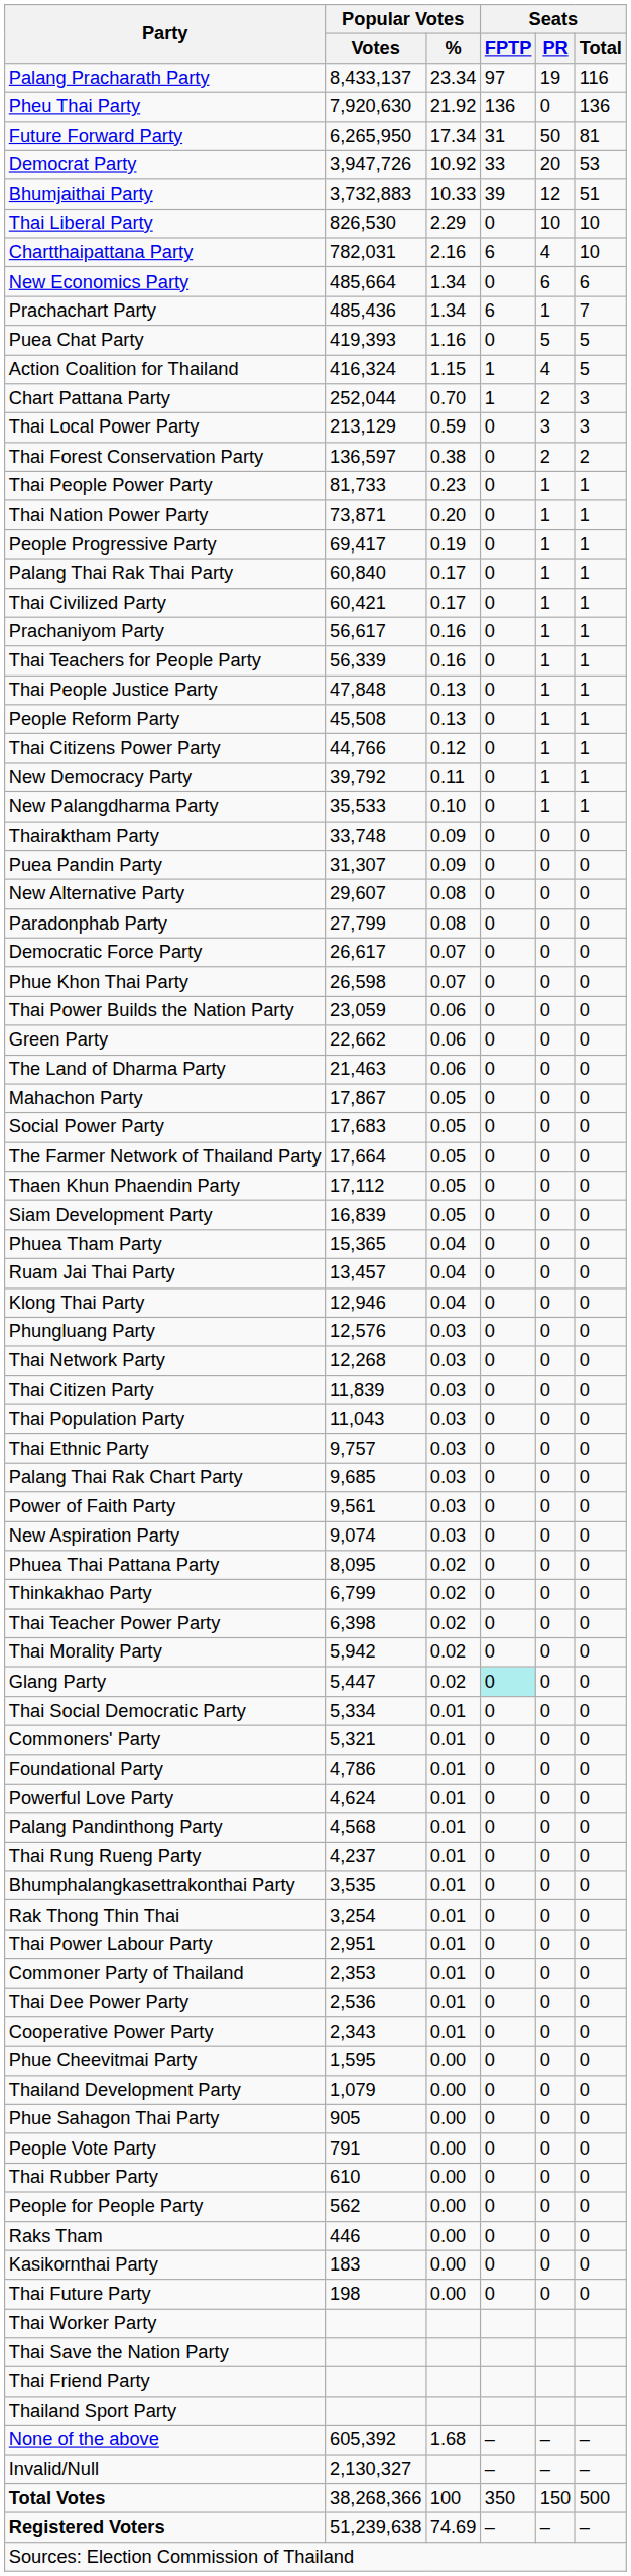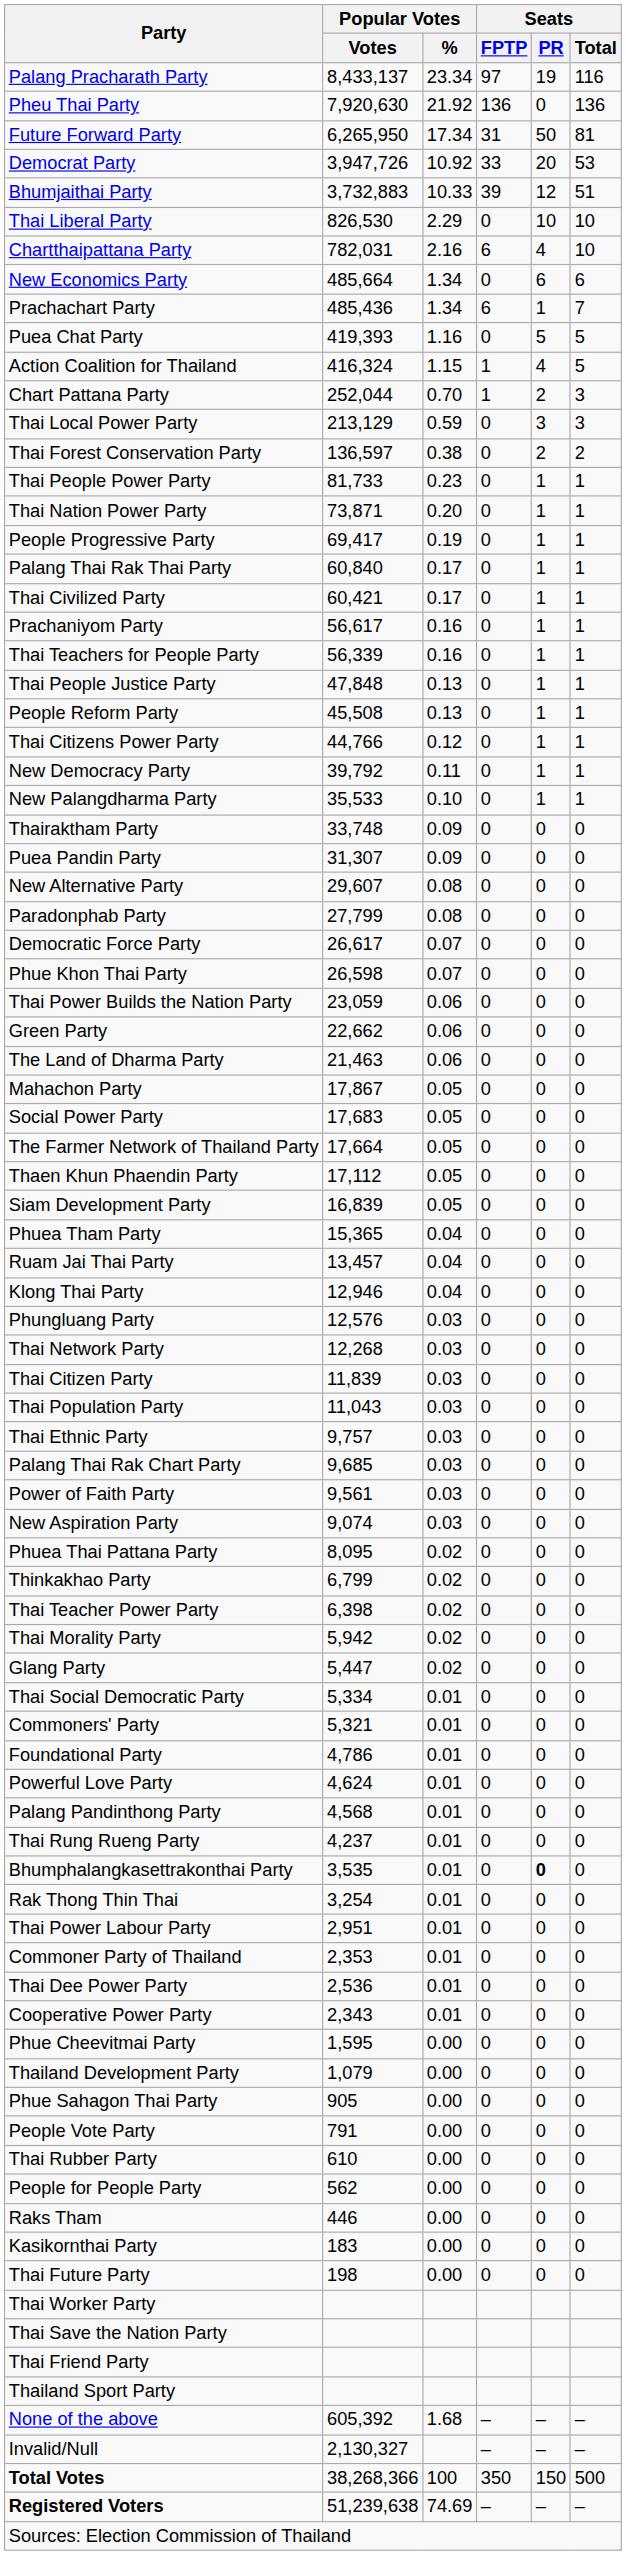 <table class="wikitable">
 <tr>
 <th rowspan="2">Party</th>
 <th colspan="2">Popular Votes</th>
 <th colspan="3">Seats</th>
 </tr>
 <tr>
 <th>Votes</th>
 <th>%</th>
 <th><a href='#'>FPTP</a></th>
 <th><a href='#'>PR</a></th>
 <th>Total</th>
 </tr>
 <tr>
 <td><a href='#'>Palang Pracharath Party</a></td>
 <td>8,433,137</td>
 <td>23.34</td>
 <td>97</td>
 <td>19</td>
 <td>116</td>
 </tr>
 <tr>
 <td><a href='#'>Pheu Thai Party</a></td>
 <td>7,920,630</td>
 <td>21.92</td>
 <td>136</td>
 <td>0</td>
 <td>136</td>
 </tr>
 <tr>
 <td><a href='#'>Future Forward Party</a></td>
 <td>6,265,950</td>
 <td>17.34</td>
 <td>31</td>
 <td>50</td>
 <td>81</td>
 </tr>
 <tr>
 <td><a href='#'>Democrat Party</a></td>
 <td>3,947,726</td>
 <td>10.92</td>
 <td>33</td>
 <td>20</td>
 <td>53</td>
 </tr>
 <tr>
 <td><a href='#'>Bhumjaithai Party</a></td>
 <td>3,732,883</td>
 <td>10.33</td>
 <td>39</td>
 <td>12</td>
 <td>51</td>
 </tr>
 <tr>
 <td><a href='#'>Thai Liberal Party</a></td>
 <td>826,530</td>
 <td>2.29</td>
 <td>0</td>
 <td>10</td>
 <td>10</td>
 </tr>
 <tr>
 <td><a href='#'>Chartthaipattana Party</a></td>
 <td>782,031</td>
 <td>2.16</td>
 <td>6</td>
 <td>4</td>
 <td>10</td>
 </tr>
 <tr>
 <td><a href='#'>New Economics Party</a></td>
 <td>485,664</td>
 <td>1.34</td>
 <td>0</td>
 <td>6</td>
 <td>6</td>
 </tr>
 <tr>
 <td>Prachachart Party</td>
 <td>485,436</td>
 <td>1.34</td>
 <td>6</td>
 <td>1</td>
 <td>7</td>
 </tr>
 <tr>
 <td>Puea Chat Party</td>
 <td>419,393</td>
 <td>1.16</td>
 <td>0</td>
 <td>5</td>
 <td>5</td>
 </tr>
 <tr>
 <td>Action Coalition for Thailand</td>
 <td>416,324</td>
 <td>1.15</td>
 <td>1</td>
 <td>4</td>
 <td>5</td>
 </tr>
 <tr>
 <td>Chart Pattana Party</td>
 <td>252,044</td>
 <td>0.70</td>
 <td>1</td>
 <td>2</td>
 <td>3</td>
 </tr>
 <tr>
 <td>Thai Local Power Party</td>
 <td>213,129</td>
 <td>0.59</td>
 <td>0</td>
 <td>3</td>
 <td>3</td>
 </tr>
 <tr>
 <td>Thai Forest Conservation Party</td>
 <td>136,597</td>
 <td>0.38</td>
 <td>0</td>
 <td>2</td>
 <td>2</td>
 </tr>
 <tr>
 <td>Thai People Power Party</td>
 <td>81,733</td>
 <td>0.23</td>
 <td>0</td>
 <td>1</td>
 <td>1</td>
 </tr>
 <tr>
 <td>Thai Nation Power Party</td>
 <td>73,871</td>
 <td>0.20</td>
 <td>0</td>
 <td>1</td>
 <td>1</td>
 </tr>
 <tr>
 <td>People Progressive Party</td>
 <td>69,417</td>
 <td>0.19</td>
 <td>0</td>
 <td>1</td>
 <td>1</td>
 </tr>
 <tr>
 <td>Palang Thai Rak Thai Party</td>
 <td>60,840</td>
 <td>0.17</td>
 <td>0</td>
 <td>1</td>
 <td>1</td>
 </tr>
 <tr>
 <td>Thai Civilized Party</td>
 <td>60,421</td>
 <td>0.17</td>
 <td>0</td>
 <td>1</td>
 <td>1</td>
 </tr>
 <tr>
 <td>Prachaniyom Party</td>
 <td>56,617</td>
 <td>0.16</td>
 <td>0</td>
 <td>1</td>
 <td>1</td>
 </tr>
 <tr>
 <td>Thai Teachers for People Party</td>
 <td>56,339</td>
 <td>0.16</td>
 <td>0</td>
 <td>1</td>
 <td>1</td>
 </tr>
 <tr>
 <td>Thai People Justice Party</td>
 <td>47,848</td>
 <td>0.13</td>
 <td>0</td>
 <td>1</td>
 <td>1</td>
 </tr>
 <tr>
 <td>People Reform Party</td>
 <td>45,508</td>
 <td>0.13</td>
 <td>0</td>
 <td>1</td>
 <td>1</td>
 </tr>
 <tr>
 <td>Thai Citizens Power Party</td>
 <td>44,766</td>
 <td>0.12</td>
 <td>0</td>
 <td>1</td>
 <td>1</td>
 </tr>
 <tr>
 <td>New Democracy Party</td>
 <td>39,792</td>
 <td>0.11</td>
 <td>0</td>
 <td>1</td>
 <td>1</td>
 </tr>
 <tr>
 <td>New Palangdharma Party</td>
 <td>35,533</td>
 <td>0.10</td>
 <td>0</td>
 <td>1</td>
 <td>1</td>
 </tr>
 <tr>
 <td>Thairaktham Party</td>
 <td>33,748</td>
 <td>0.09</td>
 <td>0</td>
 <td>0</td>
 <td>0</td>
 </tr>
 <tr>
 <td>Puea Pandin Party</td>
 <td>31,307</td>
 <td>0.09</td>
 <td>0</td>
 <td>0</td>
 <td>0</td>
 </tr>
 <tr>
 <td>New Alternative Party</td>
 <td>29,607</td>
 <td>0.08</td>
 <td>0</td>
 <td>0</td>
 <td>0</td>
 </tr>
 <tr>
 <td>Paradonphab Party</td>
 <td>27,799</td>
 <td>0.08</td>
 <td>0</td>
 <td>0</td>
 <td>0</td>
 </tr>
 <tr>
 <td>Democratic Force Party</td>
 <td>26,617</td>
 <td>0.07</td>
 <td>0</td>
 <td>0</td>
 <td>0</td>
 </tr>
 <tr>
 <td>Phue Khon Thai Party</td>
 <td>26,598</td>
 <td>0.07</td>
 <td>0</td>
 <td>0</td>
 <td>0</td>
 </tr>
 <tr>
 <td>Thai Power Builds the Nation Party</td>
 <td>23,059</td>
 <td>0.06</td>
 <td>0</td>
 <td>0</td>
 <td>0</td>
 </tr>
 <tr>
 <td>Green Party</td>
 <td>22,662</td>
 <td>0.06</td>
 <td>0</td>
 <td>0</td>
 <td>0</td>
 </tr>
 <tr>
 <td>The Land of Dharma Party</td>
 <td>21,463</td>
 <td>0.06</td>
 <td>0</td>
 <td>0</td>
 <td>0</td>
 </tr>
 <tr>
 <td>Mahachon Party</td>
 <td>17,867</td>
 <td>0.05</td>
 <td>0</td>
 <td>0</td>
 <td>0</td>
 </tr>
 <tr>
 <td>Social Power Party</td>
 <td>17,683</td>
 <td>0.05</td>
 <td>0</td>
 <td>0</td>
 <td>0</td>
 </tr>
 <tr>
 <td>The Farmer Network of Thailand Party</td>
 <td>17,664</td>
 <td>0.05</td>
 <td>0</td>
 <td>0</td>
 <td>0</td>
 </tr>
 <tr>
 <td>Thaen Khun Phaendin Party</td>
 <td>17,112</td>
 <td>0.05</td>
 <td>0</td>
 <td>0</td>
 <td>0</td>
 </tr>
 <tr>
 <td>Siam Development Party</td>
 <td>16,839</td>
 <td>0.05</td>
 <td>0</td>
 <td>0</td>
 <td>0</td>
 </tr>
 <tr>
 <td>Phuea Tham Party</td>
 <td>15,365</td>
 <td>0.04</td>
 <td>0</td>
 <td>0</td>
 <td>0</td>
 </tr>
 <tr>
 <td>Ruam Jai Thai Party</td>
 <td>13,457</td>
 <td>0.04</td>
 <td>0</td>
 <td>0</td>
 <td>0</td>
 </tr>
 <tr>
 <td>Klong Thai Party</td>
 <td>12,946</td>
 <td>0.04</td>
 <td>0</td>
 <td>0</td>
 <td>0</td>
 </tr>
 <tr>
 <td>Phungluang Party</td>
 <td>12,576</td>
 <td>0.03</td>
 <td>0</td>
 <td>0</td>
 <td>0</td>
 </tr>
 <tr>
 <td>Thai Network Party</td>
 <td>12,268</td>
 <td>0.03</td>
 <td>0</td>
 <td>0</td>
 <td>0</td>
 </tr>
 <tr>
 <td>Thai Citizen Party</td>
 <td>11,839</td>
 <td>0.03</td>
 <td>0</td>
 <td>0</td>
 <td>0</td>
 </tr>
 <tr>
 <td>Thai Population Party</td>
 <td>11,043</td>
 <td>0.03</td>
 <td>0</td>
 <td>0</td>
 <td>0</td>
 </tr>
 <tr>
 <td>Thai Ethnic Party</td>
 <td>9,757</td>
 <td>0.03</td>
 <td>0</td>
 <td>0</td>
 <td>0</td>
 </tr>
 <tr>
 <td>Palang Thai Rak Chart Party</td>
 <td>9,685</td>
 <td>0.03</td>
 <td>0</td>
 <td>0</td>
 <td>0</td>
 </tr>
 <tr>
 <td>Power of Faith Party</td>
 <td>9,561</td>
 <td>0.03</td>
 <td>0</td>
 <td>0</td>
 <td>0</td>
 </tr>
 <tr>
 <td>New Aspiration Party</td>
 <td>9,074</td>
 <td>0.03</td>
 <td>0</td>
 <td>0</td>
 <td>0</td>
 </tr>
 <tr>
 <td>Phuea Thai Pattana Party</td>
 <td>8,095</td>
 <td>0.02</td>
 <td>0</td>
 <td>0</td>
 <td>0</td>
 </tr>
 <tr>
 <td>Thinkakhao Party</td>
 <td>6,799</td>
 <td>0.02</td>
 <td>0</td>
 <td>0</td>
 <td>0</td>
 </tr>
 <tr>
 <td>Thai Teacher Power Party</td>
 <td>6,398</td>
 <td>0.02</td>
 <td>0</td>
 <td>0</td>
 <td>0</td>
 </tr>
 <tr>
 <td>Thai Morality Party</td>
 <td>5,942</td>
 <td>0.02</td>
 <td>0</td>
 <td>0</td>
 <td>0</td>
 </tr>
 <tr>
 <td>Glang Party</td>
 <td>5,447</td>
 <td>0.02</td>
-<td style="background: paleturquoise;">0</td>
+<td>0</td>
 <td>0</td>
 <td>0</td>
 </tr>
 <tr>
 <td>Thai Social Democratic Party</td>
 <td>5,334</td>
 <td>0.01</td>
 <td>0</td>
 <td>0</td>
 <td>0</td>
 </tr>
 <tr>
 <td>Commoners' Party</td>
 <td>5,321</td>
 <td>0.01</td>
 <td>0</td>
 <td>0</td>
 <td>0</td>
 </tr>
 <tr>
 <td>Foundational Party</td>
 <td>4,786</td>
 <td>0.01</td>
 <td>0</td>
 <td>0</td>
 <td>0</td>
 </tr>
 <tr>
 <td>Powerful Love Party</td>
 <td>4,624</td>
 <td>0.01</td>
 <td>0</td>
 <td>0</td>
 <td>0</td>
 </tr>
 <tr>
 <td>Palang Pandinthong Party</td>
 <td>4,568</td>
 <td>0.01</td>
 <td>0</td>
 <td>0</td>
 <td>0</td>
 </tr>
 <tr>
 <td>Thai Rung Rueng Party</td>
 <td>4,237</td>
 <td>0.01</td>
 <td>0</td>
 <td>0</td>
 <td>0</td>
 </tr>
 <tr>
 <td>Bhumphalangkasettrakonthai Party</td>
 <td>3,535</td>
 <td>0.01</td>
 <td>0</td>
-<td>0</td>
+<td><strong>0</strong></td>
 <td>0</td>
 </tr>
 <tr>
 <td>Rak Thong Thin Thai</td>
 <td>3,254</td>
 <td>0.01</td>
 <td>0</td>
 <td>0</td>
 <td>0</td>
 </tr>
 <tr>
 <td>Thai Power Labour Party</td>
 <td>2,951</td>
 <td>0.01</td>
 <td>0</td>
 <td>0</td>
 <td>0</td>
 </tr>
 <tr>
 <td>Commoner Party of Thailand</td>
 <td>2,353</td>
 <td>0.01</td>
 <td>0</td>
 <td>0</td>
 <td>0</td>
 </tr>
 <tr>
 <td>Thai Dee Power Party</td>
 <td>2,536</td>
 <td>0.01</td>
 <td>0</td>
 <td>0</td>
 <td>0</td>
 </tr>
 <tr>
 <td>Cooperative Power Party</td>
 <td>2,343</td>
 <td>0.01</td>
 <td>0</td>
 <td>0</td>
 <td>0</td>
 </tr>
 <tr>
 <td>Phue Cheevitmai Party</td>
 <td>1,595</td>
 <td>0.00</td>
 <td>0</td>
 <td>0</td>
 <td>0</td>
 </tr>
 <tr>
 <td>Thailand Development Party</td>
 <td>1,079</td>
 <td>0.00</td>
 <td>0</td>
 <td>0</td>
 <td>0</td>
 </tr>
 <tr>
 <td>Phue Sahagon Thai Party</td>
 <td>905</td>
 <td>0.00</td>
 <td>0</td>
 <td>0</td>
 <td>0</td>
 </tr>
 <tr>
 <td>People Vote Party</td>
 <td>791</td>
 <td>0.00</td>
 <td>0</td>
 <td>0</td>
 <td>0</td>
 </tr>
 <tr>
 <td>Thai Rubber Party</td>
 <td>610</td>
 <td>0.00</td>
 <td>0</td>
 <td>0</td>
 <td>0</td>
 </tr>
 <tr>
 <td>People for People Party</td>
 <td>562</td>
 <td>0.00</td>
 <td>0</td>
 <td>0</td>
 <td>0</td>
 </tr>
 <tr>
 <td>Raks Tham</td>
 <td>446</td>
 <td>0.00</td>
 <td>0</td>
 <td>0</td>
 <td>0</td>
 </tr>
 <tr>
 <td>Kasikornthai Party</td>
 <td>183</td>
 <td>0.00</td>
 <td>0</td>
 <td>0</td>
 <td>0</td>
 </tr>
 <tr>
 <td>Thai Future Party</td>
 <td>198</td>
 <td>0.00</td>
 <td>0</td>
 <td>0</td>
 <td>0</td>
 </tr>
 <tr>
 <td>Thai Worker Party</td>
 <td></td>
 <td></td>
 <td></td>
 <td></td>
 <td></td>
 </tr>
 <tr>
 <td>Thai Save the Nation Party</td>
 <td></td>
 <td></td>
 <td></td>
 <td></td>
 <td></td>
 </tr>
 <tr>
 <td>Thai Friend Party</td>
 <td></td>
 <td></td>
 <td></td>
 <td></td>
 <td></td>
 </tr>
 <tr>
 <td>Thailand Sport Party</td>
 <td></td>
 <td></td>
 <td></td>
 <td></td>
 <td></td>
 </tr>
 <tr>
 <td><a href='#'>None of the above</a></td>
 <td>605,392</td>
 <td>1.68</td>
 <td>–</td>
 <td>–</td>
 <td>–</td>
 </tr>
 <tr>
 <td>Invalid/Null</td>
 <td>2,130,327</td>
 <td></td>
 <td>–</td>
 <td>–</td>
 <td>–</td>
 </tr>
 <tr>
 <td><strong>Total Votes</strong></td>
 <td>38,268,366</td>
 <td>100</td>
 <td>350</td>
 <td>150</td>
 <td>500</td>
 </tr>
 <tr>
 <td><strong>Registered Voters</strong></td>
 <td>51,239,638</td>
 <td>74.69</td>
 <td>–</td>
 <td>–</td>
 <td>–</td>
 </tr>
 <tr>
 <td colspan="6">Sources: Election Commission of Thailand </td>
 </tr>
 </table>
